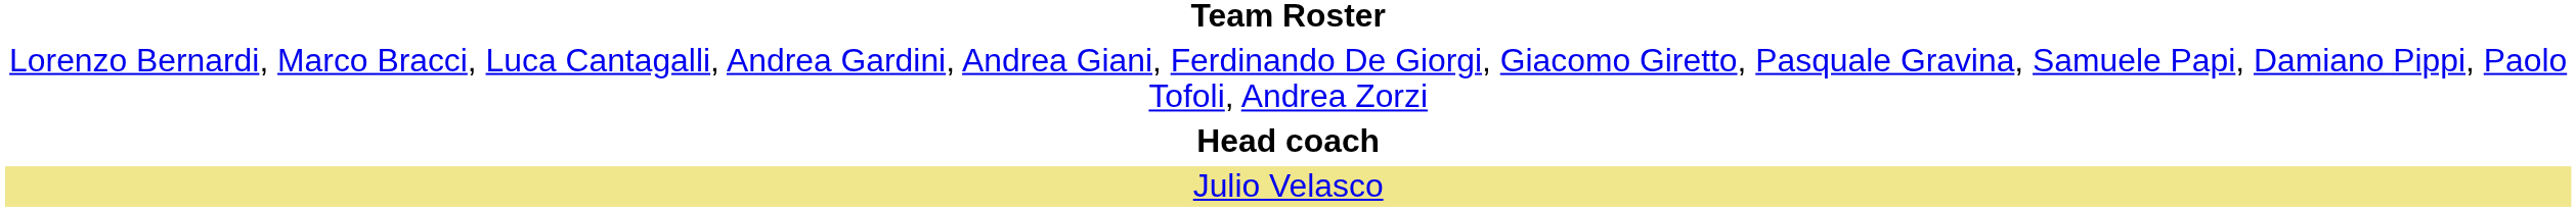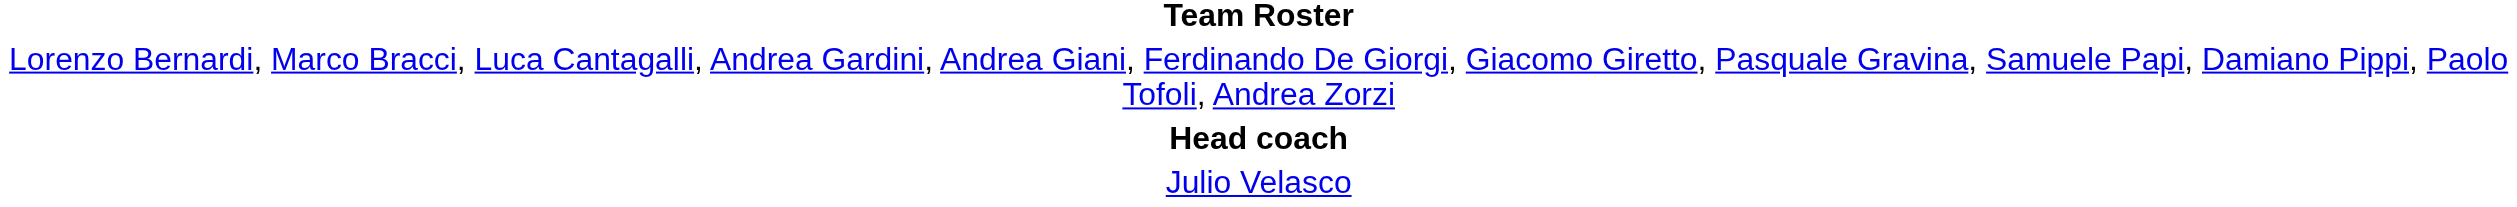 <table style="text-align: center; margin-top: 2em; margin-left: auto; margin-right: auto">
 <tr>
 <td><strong>Team Roster</strong></td>
 </tr>
 <tr>
 <td><a href='#'>Lorenzo Bernardi</a>, <a href='#'>Marco Bracci</a>, <a href='#'>Luca Cantagalli</a>, <a href='#'>Andrea Gardini</a>, <a href='#'>Andrea Giani</a>, <a href='#'>Ferdinando De Giorgi</a>, <a href='#'>Giacomo Giretto</a>, <a href='#'>Pasquale Gravina</a>, <a href='#'>Samuele Papi</a>, <a href='#'>Damiano Pippi</a>, <a href='#'>Paolo Tofoli</a>, <a href='#'>Andrea Zorzi</a></td>
 </tr>
 <tr>
 <td><strong>Head coach</strong></td>
 </tr>
 <tr>
-<td style="background: khaki;"><a href='#'>Julio Velasco</a></td>
+<td><a href='#'>Julio Velasco</a></td>
 </tr>
 <tr>
 </tr>
 </table>
